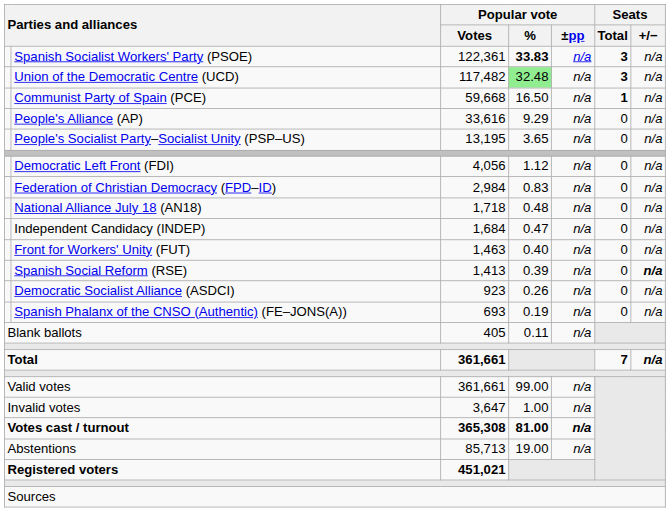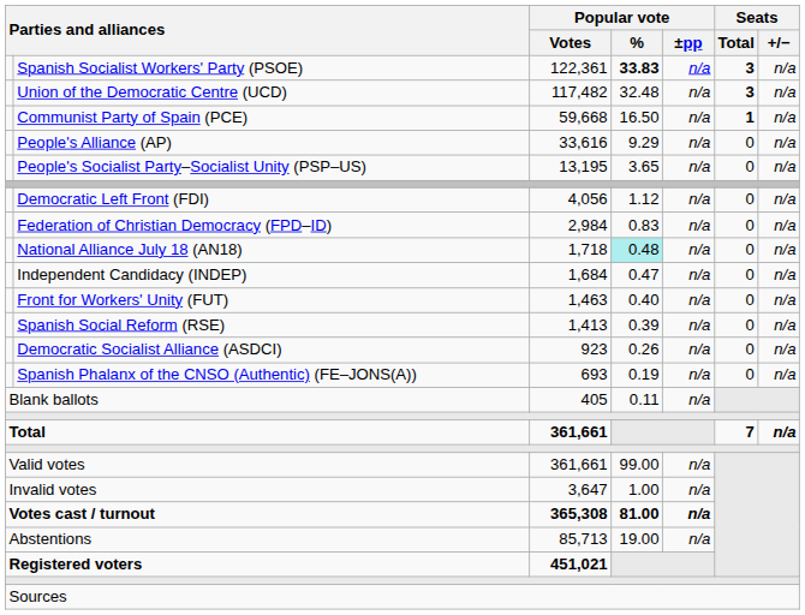 <table class="wikitable" style="text-align:right;">
 <tr>
 <th style="text-align:left;" rowspan="2" colspan="2" width="525">Parties and alliances</th>
 <th colspan="3">Popular vote</th>
 <th colspan="2">Seats</th>
 </tr>
 <tr>
 <th width="75">Votes</th>
 <th width="45">%</th>
 <th width="45">±<a href='#'>pp</a></th>
 <th width="35">Total</th>
 <th width="35">+/−</th>
 </tr>
 <tr>
 <td width="1" style="color:inherit;background:"></td>
 <td align="left"><a href='#'>Spanish Socialist Workers' Party</a> (PSOE)</td>
 <td>122,361</td>
 <td><strong>33.83</strong></td>
 <td><em><a href='#'>n/a</a></em></td>
 <td><strong>3</strong></td>
 <td><em>n/a</em></td>
 </tr>
 <tr>
 <td style="color:inherit;background:"></td>
 <td align="left"><a href='#'>Union of the Democratic Centre</a> (UCD)</td>
 <td>117,482</td>
-<td style="background: lightgreen;">32.48</td>
+<td>32.48</td>
 <td><em>n/a</em></td>
 <td><strong>3</strong></td>
 <td><em>n/a</em></td>
 </tr>
 <tr>
 <td style="color:inherit;background:"></td>
 <td align="left"><a href='#'>Communist Party of Spain</a> (PCE)</td>
 <td>59,668</td>
 <td>16.50</td>
 <td><em>n/a</em></td>
 <td><strong>1</strong></td>
 <td><em>n/a</em></td>
 </tr>
 <tr>
 <td style="color:inherit;background:"></td>
 <td align="left"><a href='#'>People's Alliance</a> (AP)</td>
 <td>33,616</td>
 <td>9.29</td>
 <td><em>n/a</em></td>
 <td>0</td>
 <td><em>n/a</em></td>
 </tr>
 <tr>
 <td style="color:inherit;background:"></td>
 <td align="left"><a href='#'>People's Socialist Party</a>–<a href='#'>Socialist Unity</a> (PSP–US)</td>
 <td>13,195</td>
 <td>3.65</td>
 <td><em>n/a</em></td>
 <td>0</td>
 <td><em>n/a</em></td>
 </tr>
 <tr>
 <td colspan="7" bgcolor="#C0C0C0"></td>
 </tr>
 <tr>
 <td style="color:inherit;background:"></td>
 <td align="left"><a href='#'>Democratic Left Front</a> (FDI)</td>
 <td>4,056</td>
 <td>1.12</td>
 <td><em>n/a</em></td>
 <td>0</td>
 <td><em>n/a</em></td>
 </tr>
 <tr>
 <td style="color:inherit;background:"></td>
 <td align="left"><a href='#'>Federation of Christian Democracy</a> (<a href='#'>FPD</a>–<a href='#'>ID</a>)</td>
 <td>2,984</td>
 <td>0.83</td>
 <td><em>n/a</em></td>
 <td>0</td>
 <td><em>n/a</em></td>
 </tr>
 <tr>
 <td style="color:inherit;background:"></td>
 <td align="left"><a href='#'>National Alliance July 18</a> (AN18)</td>
 <td>1,718</td>
-<td>0.48</td>
+<td style="background: paleturquoise;">0.48</td>
 <td><em>n/a</em></td>
 <td>0</td>
 <td><em>n/a</em></td>
 </tr>
 <tr>
 <td style="color:inherit;background:"></td>
 <td align="left">Independent Candidacy (INDEP)</td>
 <td>1,684</td>
 <td>0.47</td>
 <td><em>n/a</em></td>
 <td>0</td>
 <td><em>n/a</em></td>
 </tr>
 <tr>
 <td style="color:inherit;background:"></td>
 <td align="left"><a href='#'>Front for Workers' Unity</a> (FUT)</td>
 <td>1,463</td>
 <td>0.40</td>
 <td><em>n/a</em></td>
 <td>0</td>
 <td><em>n/a</em></td>
 </tr>
 <tr>
 <td style="color:inherit;background:"></td>
 <td align="left"><a href='#'>Spanish Social Reform</a> (RSE)</td>
 <td>1,413</td>
 <td>0.39</td>
 <td><em>n/a</em></td>
 <td>0</td>
-<td><strong><em>n/a</em></strong></td>
+<td><em>n/a</em></td>
 </tr>
 <tr>
 <td style="color:inherit;background:"></td>
 <td align="left"><a href='#'>Democratic Socialist Alliance</a> (ASDCI)</td>
 <td>923</td>
 <td>0.26</td>
 <td><em>n/a</em></td>
 <td>0</td>
 <td><em>n/a</em></td>
 </tr>
 <tr>
 <td style="color:inherit;background:"></td>
 <td align="left"><a href='#'>Spanish Phalanx of the CNSO (Authentic)</a> (FE–JONS(A))</td>
 <td>693</td>
 <td>0.19</td>
 <td><em>n/a</em></td>
 <td>0</td>
 <td><em>n/a</em></td>
 </tr>
 <tr>
 <td align="left" colspan="2">Blank ballots</td>
 <td>405</td>
 <td>0.11</td>
 <td><em>n/a</em></td>
 <td bgcolor="#E9E9E9" colspan="2"></td>
 </tr>
 <tr>
 <td colspan="7" bgcolor="#E9E9E9"></td>
 </tr>
 <tr style="font-weight:bold;">
 <td align="left" colspan="2">Total</td>
 <td>361,661</td>
 <td bgcolor="#E9E9E9" colspan="2"></td>
 <td>7</td>
 <td><em>n/a</em></td>
 </tr>
 <tr>
 <td colspan="7" bgcolor="#E9E9E9"></td>
 </tr>
 <tr>
 <td align="left" colspan="2">Valid votes</td>
 <td>361,661</td>
 <td>99.00</td>
 <td><em>n/a</em></td>
 <td bgcolor="#E9E9E9" colspan="2" rowspan="5"></td>
 </tr>
 <tr>
 <td align="left" colspan="2">Invalid votes</td>
 <td>3,647</td>
 <td>1.00</td>
 <td><em>n/a</em></td>
 </tr>
 <tr style="font-weight:bold;">
 <td align="left" colspan="2">Votes cast / turnout</td>
 <td>365,308</td>
 <td>81.00</td>
 <td><em>n/a</em></td>
 </tr>
 <tr>
 <td align="left" colspan="2">Abstentions</td>
 <td>85,713</td>
 <td>19.00</td>
 <td><em>n/a</em></td>
 </tr>
 <tr style="font-weight:bold;">
 <td align="left" colspan="2">Registered voters</td>
 <td>451,021</td>
 <td bgcolor="#E9E9E9" colspan="2"></td>
 </tr>
 <tr>
 <td colspan="7" bgcolor="#E9E9E9"></td>
 </tr>
 <tr>
 <td align="left" colspan="7">Sources</td>
 </tr>
 </table>
